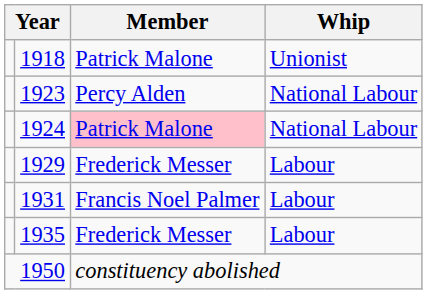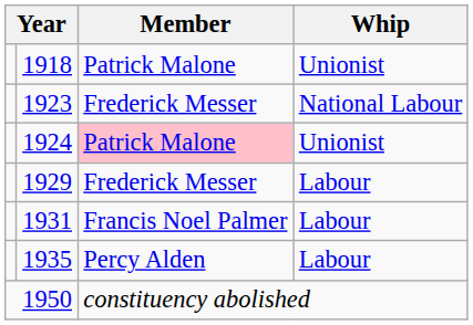 <table class="wikitable">
 <tr>
 <th colspan="2">Year</th>
 <th>Member</th>
 <th>Whip</th>
 </tr>
 <tr>
 <td style="color:inherit;background-color: "></td>
 <td><a href='#'>1918</a></td>
 <td><a href='#'>Patrick Malone</a></td>
 <td><a href='#'>Unionist</a></td>
 </tr>
 <tr>
 <td style="color:inherit;background-color: "></td>
 <td><a href='#'>1923</a></td>
-<td><a href='#'>Percy Alden</a></td>
+<td><a href='#'>Frederick Messer</a></td>
 <td><a href='#'>National Labour</a></td>
 </tr>
 <tr>
 <td style="color:inherit;background-color: "></td>
 <td><a href='#'>1924</a></td>
 <td style="background: pink;"><a href='#'>Patrick Malone</a></td>
-<td><a href='#'>National Labour</a></td>
+<td><a href='#'>Unionist</a></td>
 </tr>
 <tr>
 <td style="color:inherit;background-color: "></td>
 <td><a href='#'>1929</a></td>
 <td><a href='#'>Frederick Messer</a></td>
 <td><a href='#'>Labour</a></td>
 </tr>
 <tr>
 <td style="color:inherit;background-color: "></td>
 <td><a href='#'>1931</a></td>
 <td><a href='#'>Francis Noel Palmer</a></td>
 <td><a href='#'>Labour</a></td>
 </tr>
 <tr>
 <td style="color:inherit;background-color: "></td>
 <td><a href='#'>1935</a></td>
-<td><a href='#'>Frederick Messer</a></td>
+<td><a href='#'>Percy Alden</a></td>
 <td><a href='#'>Labour</a></td>
 </tr>
 <tr>
 <td colspan="2" align="right"><a href='#'>1950</a></td>
 <td colspan="2"><em>constituency abolished</em></td>
 </tr>
 </table>
